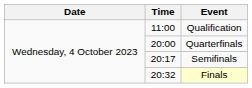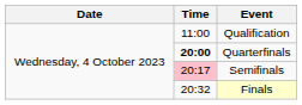 <table class = "wikitable" style="text-align:center;">
 <tr>
 <th width=220>Date</th>
 <th width=50>Time</th>
 <th width=100>Event</th>
 </tr>
 <tr>
 <td rowspan=4>Wednesday, 4 October 2023</td>
 <td>11:00</td>
 <td>Qualification</td>
 </tr>
 <tr>
-<td>20:00</td>
+<td><strong>20:00</strong></td>
 <td>Quarterfinals</td>
 </tr>
 <tr>
-<td>20:17</td>
+<td style="background: pink;">20:17</td>
 <td>Semifinals</td>
 </tr>
 <tr>
 <td>20:32</td>
 <td bgcolor=ffffcc>Finals</td>
 </tr>
 </table>
